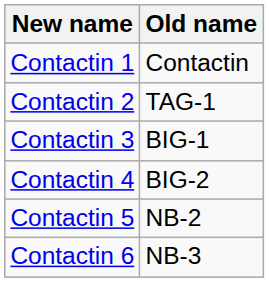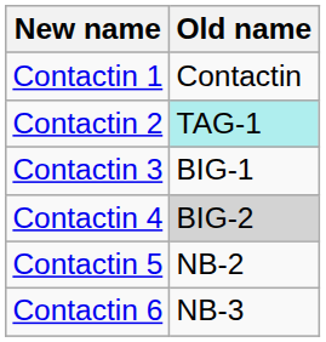 <table class="wikitable">
 <tr>
 <th>New name</th>
 <th>Old name</th>
 </tr>
 <tr>
 <td><a href='#'>Contactin 1</a></td>
 <td>Contactin</td>
 </tr>
 <tr>
 <td><a href='#'>Contactin 2</a></td>
-<td>TAG-1</td>
+<td style="background: paleturquoise;">TAG-1</td>
 </tr>
 <tr>
 <td><a href='#'>Contactin 3</a></td>
 <td>BIG-1</td>
 </tr>
 <tr>
 <td><a href='#'>Contactin 4</a></td>
-<td>BIG-2</td>
+<td style="background: lightgrey;">BIG-2</td>
 </tr>
 <tr>
 <td><a href='#'>Contactin 5</a></td>
 <td>NB-2</td>
 </tr>
 <tr>
 <td><a href='#'>Contactin 6</a></td>
 <td>NB-3</td>
 </tr>
 </table>
